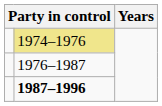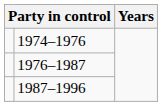 <table class="wikitable">
 <tr>
 <th colspan="2">Party in control</th>
 <th>Years</th>
 </tr>
 <tr>
 <td></td>
-<td style="background: khaki;">1974–1976</td>
+<td>1974–1976</td>
 </tr>
 <tr>
 <td></td>
 <td>1976–1987</td>
 </tr>
 <tr>
 <td></td>
-<td><strong>1987–1996</strong></td>
+<td>1987–1996</td>
 </tr>
 </table>
